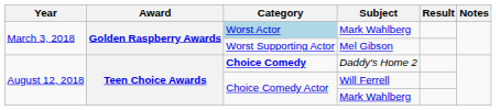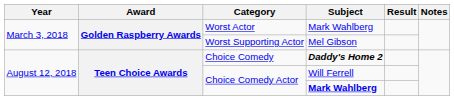 <table class="wikitable">
 <tr>
 <th>Year</th>
 <th>Award</th>
 <th>Category</th>
 <th>Subject</th>
 <th>Result</th>
 <th>Notes</th>
 </tr>
 <tr>
 <td rowspan="2"><a href='#'>March 3, 2018</a></td>
 <th rowspan="2"><a href='#'>Golden Raspberry Awards</a></th>
-<td style="background: lightblue;"><a href='#'>Worst Actor</a></td>
+<td><a href='#'>Worst Actor</a></td>
 <td><a href='#'>Mark Wahlberg</a></td>
 <td></td>
 <td rowspan="2" style="text-align:center;"></td>
 </tr>
 <tr>
 <td><a href='#'>Worst Supporting Actor</a></td>
 <td><a href='#'>Mel Gibson</a></td>
 <td></td>
 </tr>
 <tr>
 <td rowspan="3"><a href='#'>August 12, 2018</a></td>
 <th scope="row" rowspan="3"><a href='#'>Teen Choice Awards</a></th>
-<td><strong><a href='#'>Choice Comedy</a></strong></td>
-<td><em>Daddy's Home 2</em></td>
+<td><a href='#'>Choice Comedy</a></td>
+<td><strong><em>Daddy's Home 2</em></strong></td>
 <td></td>
 <td rowspan="3" style="text-align:center;"></td>
 </tr>
 <tr>
 <td rowspan="2"><a href='#'>Choice Comedy Actor</a></td>
 <td><a href='#'>Will Ferrell</a></td>
 <td></td>
 </tr>
 <tr>
-<td><a href='#'>Mark Wahlberg</a></td>
+<td><strong><a href='#'>Mark Wahlberg</a></strong></td>
 <td></td>
 </tr>
 </table>
